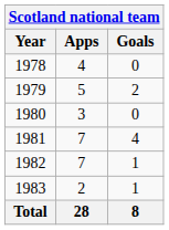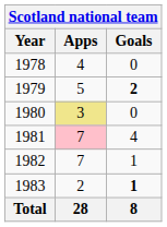 <table class="wikitable" style="text-align:center">
 <tr>
 <th colspan=3><a href='#'>Scotland national team</a></th>
 </tr>
 <tr>
 <th>Year</th>
 <th>Apps</th>
 <th>Goals</th>
 </tr>
 <tr>
 <td>1978</td>
 <td>4</td>
 <td>0</td>
 </tr>
 <tr>
 <td>1979</td>
 <td>5</td>
-<td>2</td>
+<td><strong>2</strong></td>
 </tr>
 <tr>
 <td>1980</td>
-<td>3</td>
+<td style="background: khaki;">3</td>
 <td>0</td>
 </tr>
 <tr>
 <td>1981</td>
-<td>7</td>
+<td style="background: pink;">7</td>
 <td>4</td>
 </tr>
 <tr>
 <td>1982</td>
 <td>7</td>
 <td>1</td>
 </tr>
 <tr>
 <td>1983</td>
 <td>2</td>
-<td>1</td>
+<td><strong>1</strong></td>
 </tr>
 <tr>
 <th>Total</th>
 <th>28</th>
 <th>8</th>
 </tr>
 </table>
